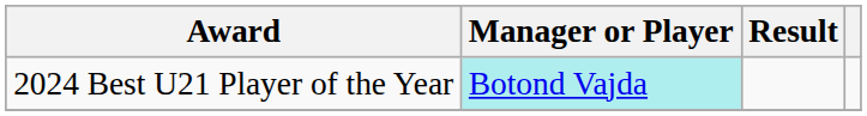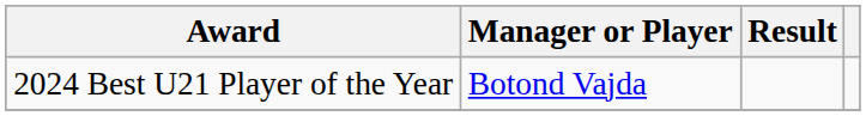 <table class="wikitable" style="text-align:center;">
 <tr>
 <th>Award</th>
 <th>Manager or Player</th>
 <th>Result</th>
 <th></th>
 </tr>
 <tr>
 <td rowspan="1" style="text-align:left;">2024 Best U21 Player of the Year</td>
-<td style="background: paleturquoise; text-align:left;"> <a href='#'>Botond Vajda</a></td>
+<td style="text-align:left;"> <a href='#'>Botond Vajda</a></td>
 <td></td>
 <td rowspan="1"></td>
 </tr>
 <tr>
 </tr>
 </table>
